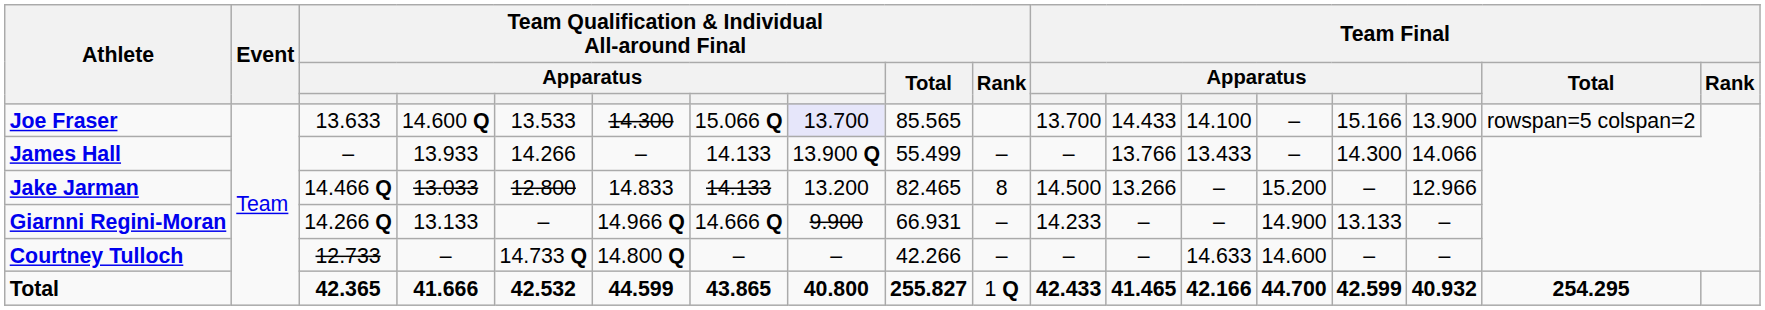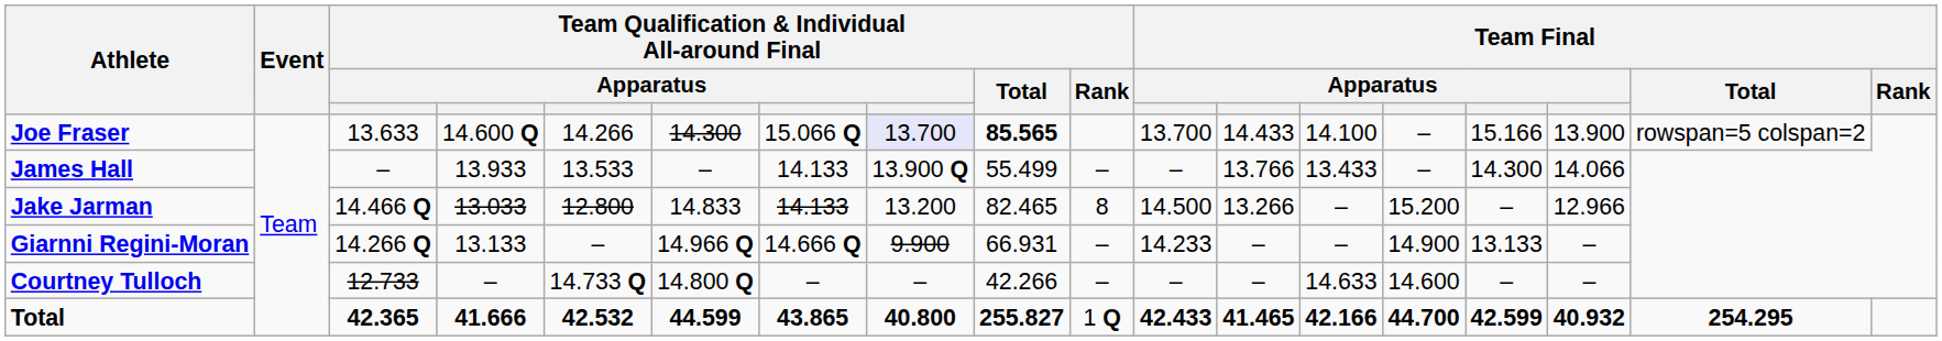 <table class="wikitable" style="font-size:90%">
 <tr>
 <th rowspan=3>Athlete</th>
 <th rowspan=3>Event</th>
 <th colspan =8>Team Qualification & Individual<br>All-around Final</th>
 <th colspan =8>Team Final</th>
 </tr>
 <tr style="font-size:95%">
 <th colspan=6>Apparatus</th>
 <th rowspan=2>Total</th>
 <th rowspan=2>Rank</th>
 <th colspan=6>Apparatus</th>
 <th rowspan=2>Total</th>
 <th rowspan=2>Rank</th>
 </tr>
 <tr style="font-size:95%">
 <th></th>
 <th></th>
 <th></th>
 <th></th>
 <th></th>
 <th></th>
 <th></th>
 <th></th>
 <th></th>
 <th></th>
 <th></th>
 <th></th>
 </tr>
 <tr align=center>
 <td align=left><strong><a href='#'>Joe Fraser</a></strong></td>
 <td align=left rowspan=6><a href='#'>Team</a></td>
 <td>13.633</td>
 <td>14.600 <strong>Q</strong></td>
-<td>13.533</td>
+<td>14.266</td>
 <td><s>14.300</s></td>
 <td>15.066 <strong>Q</strong></td>
 <td style="background: lavender;">13.700</td>
-<td>85.565</td>
+<td><strong>85.565</strong></td>
 <td></td>
 <td>13.700</td>
 <td>14.433</td>
 <td>14.100</td>
 <td>–</td>
 <td>15.166</td>
 <td>13.900</td>
 <td>rowspan=5 colspan=2</td>
 </tr>
 <tr align=center>
 <td align=left><strong><a href='#'>James Hall</a></strong></td>
 <td>–</td>
 <td>13.933</td>
-<td>14.266</td>
+<td>13.533</td>
 <td>–</td>
 <td>14.133</td>
 <td>13.900 <strong>Q</strong></td>
 <td>55.499</td>
 <td>–</td>
 <td>–</td>
 <td>13.766</td>
 <td>13.433</td>
 <td>–</td>
 <td>14.300</td>
 <td>14.066</td>
 </tr>
 <tr align=center>
 <td align=left><strong><a href='#'>Jake Jarman</a></strong></td>
 <td>14.466 <strong>Q</strong></td>
 <td><s>13.033</s></td>
 <td><s>12.800</s></td>
 <td>14.833</td>
 <td><s>14.133</s></td>
 <td>13.200</td>
 <td>82.465</td>
 <td>8</td>
 <td>14.500</td>
 <td>13.266</td>
 <td>–</td>
 <td>15.200</td>
 <td>–</td>
 <td>12.966</td>
 </tr>
 <tr align=center>
 <td align=left><strong><a href='#'>Giarnni Regini-Moran</a></strong></td>
 <td>14.266 <strong>Q</strong></td>
 <td>13.133</td>
 <td>–</td>
 <td>14.966 <strong>Q</strong></td>
 <td>14.666 <strong>Q</strong></td>
 <td><s>9.900</s></td>
 <td>66.931</td>
 <td>–</td>
 <td>14.233</td>
 <td>–</td>
 <td>–</td>
 <td>14.900</td>
 <td>13.133</td>
 <td>–</td>
 </tr>
 <tr align=center>
 <td align=left><strong><a href='#'>Courtney Tulloch</a></strong></td>
 <td><s>12.733</s></td>
 <td>–</td>
 <td>14.733 <strong>Q</strong></td>
 <td>14.800 <strong>Q</strong></td>
 <td>–</td>
 <td>–</td>
 <td>42.266</td>
 <td>–</td>
 <td>–</td>
 <td>–</td>
 <td>14.633</td>
 <td>14.600</td>
 <td>–</td>
 <td>–</td>
 </tr>
 <tr align=center>
 <td align=left><strong>Total</strong></td>
 <td><strong>42.365</strong></td>
 <td><strong>41.666</strong></td>
 <td><strong>42.532</strong></td>
 <td><strong>44.599</strong></td>
 <td><strong>43.865</strong></td>
 <td><strong>40.800</strong></td>
 <td><strong>255.827</strong></td>
 <td>1 <strong>Q</strong></td>
 <td><strong>42.433</strong></td>
 <td><strong>41.465</strong></td>
 <td><strong>42.166</strong></td>
 <td><strong>44.700</strong></td>
 <td><strong>42.599</strong></td>
 <td><strong>40.932</strong></td>
 <td><strong>254.295</strong></td>
 <td></td>
 </tr>
 </table>
